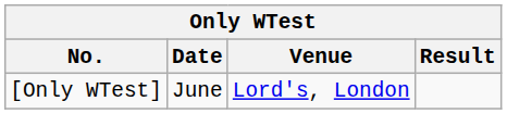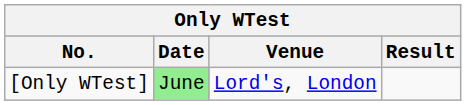 <table class="wikitable">
 <tr>
 <th colspan="4">Only WTest</th>
 </tr>
 <tr>
 <th>No.</th>
 <th>Date</th>
 <th>Venue</th>
 <th>Result</th>
 </tr>
 <tr>
 <td>[Only WTest]</td>
-<td>June</td>
+<td style="background: lightgreen;">June</td>
 <td><a href='#'>Lord's</a>, <a href='#'>London</a></td>
 <td></td>
 </tr>
 </table>
